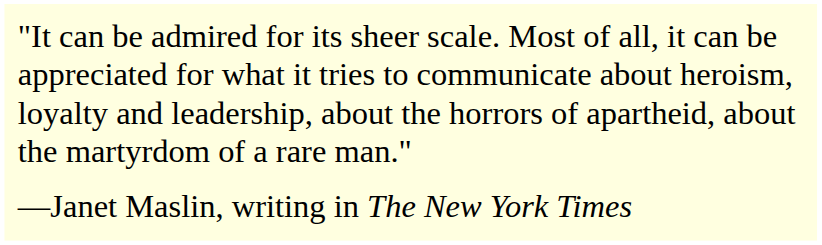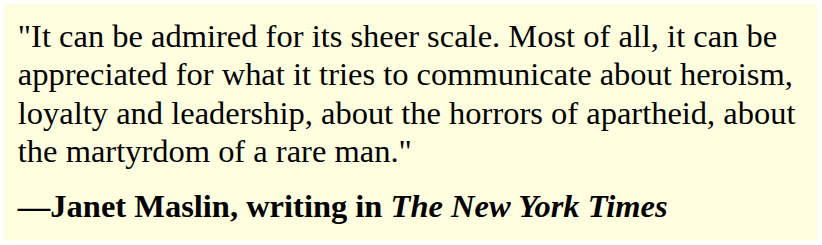 <table class="toccolours" style="float: left; margin-left: 1em; margin-right: 2em; font-size: 85%; background:#FFFFE0; colour:black; width:25em; max-width: 70%;" cellspacing="5">
 <tr>
 <td style="text-align: left;">"It can be admired for its sheer scale. Most of all, it can be appreciated for what it tries to communicate about heroism, loyalty and leadership, about the horrors of apartheid, about the martyrdom of a rare man."</td>
 </tr>
 <tr>
-<td style="text-align: left;">—Janet Maslin, writing in <em>The New York Times</em></td>
+<td style="text-align: left;"><strong>—Janet Maslin, writing in <em>The New York Times</em></strong></td>
 </tr>
 </table>
